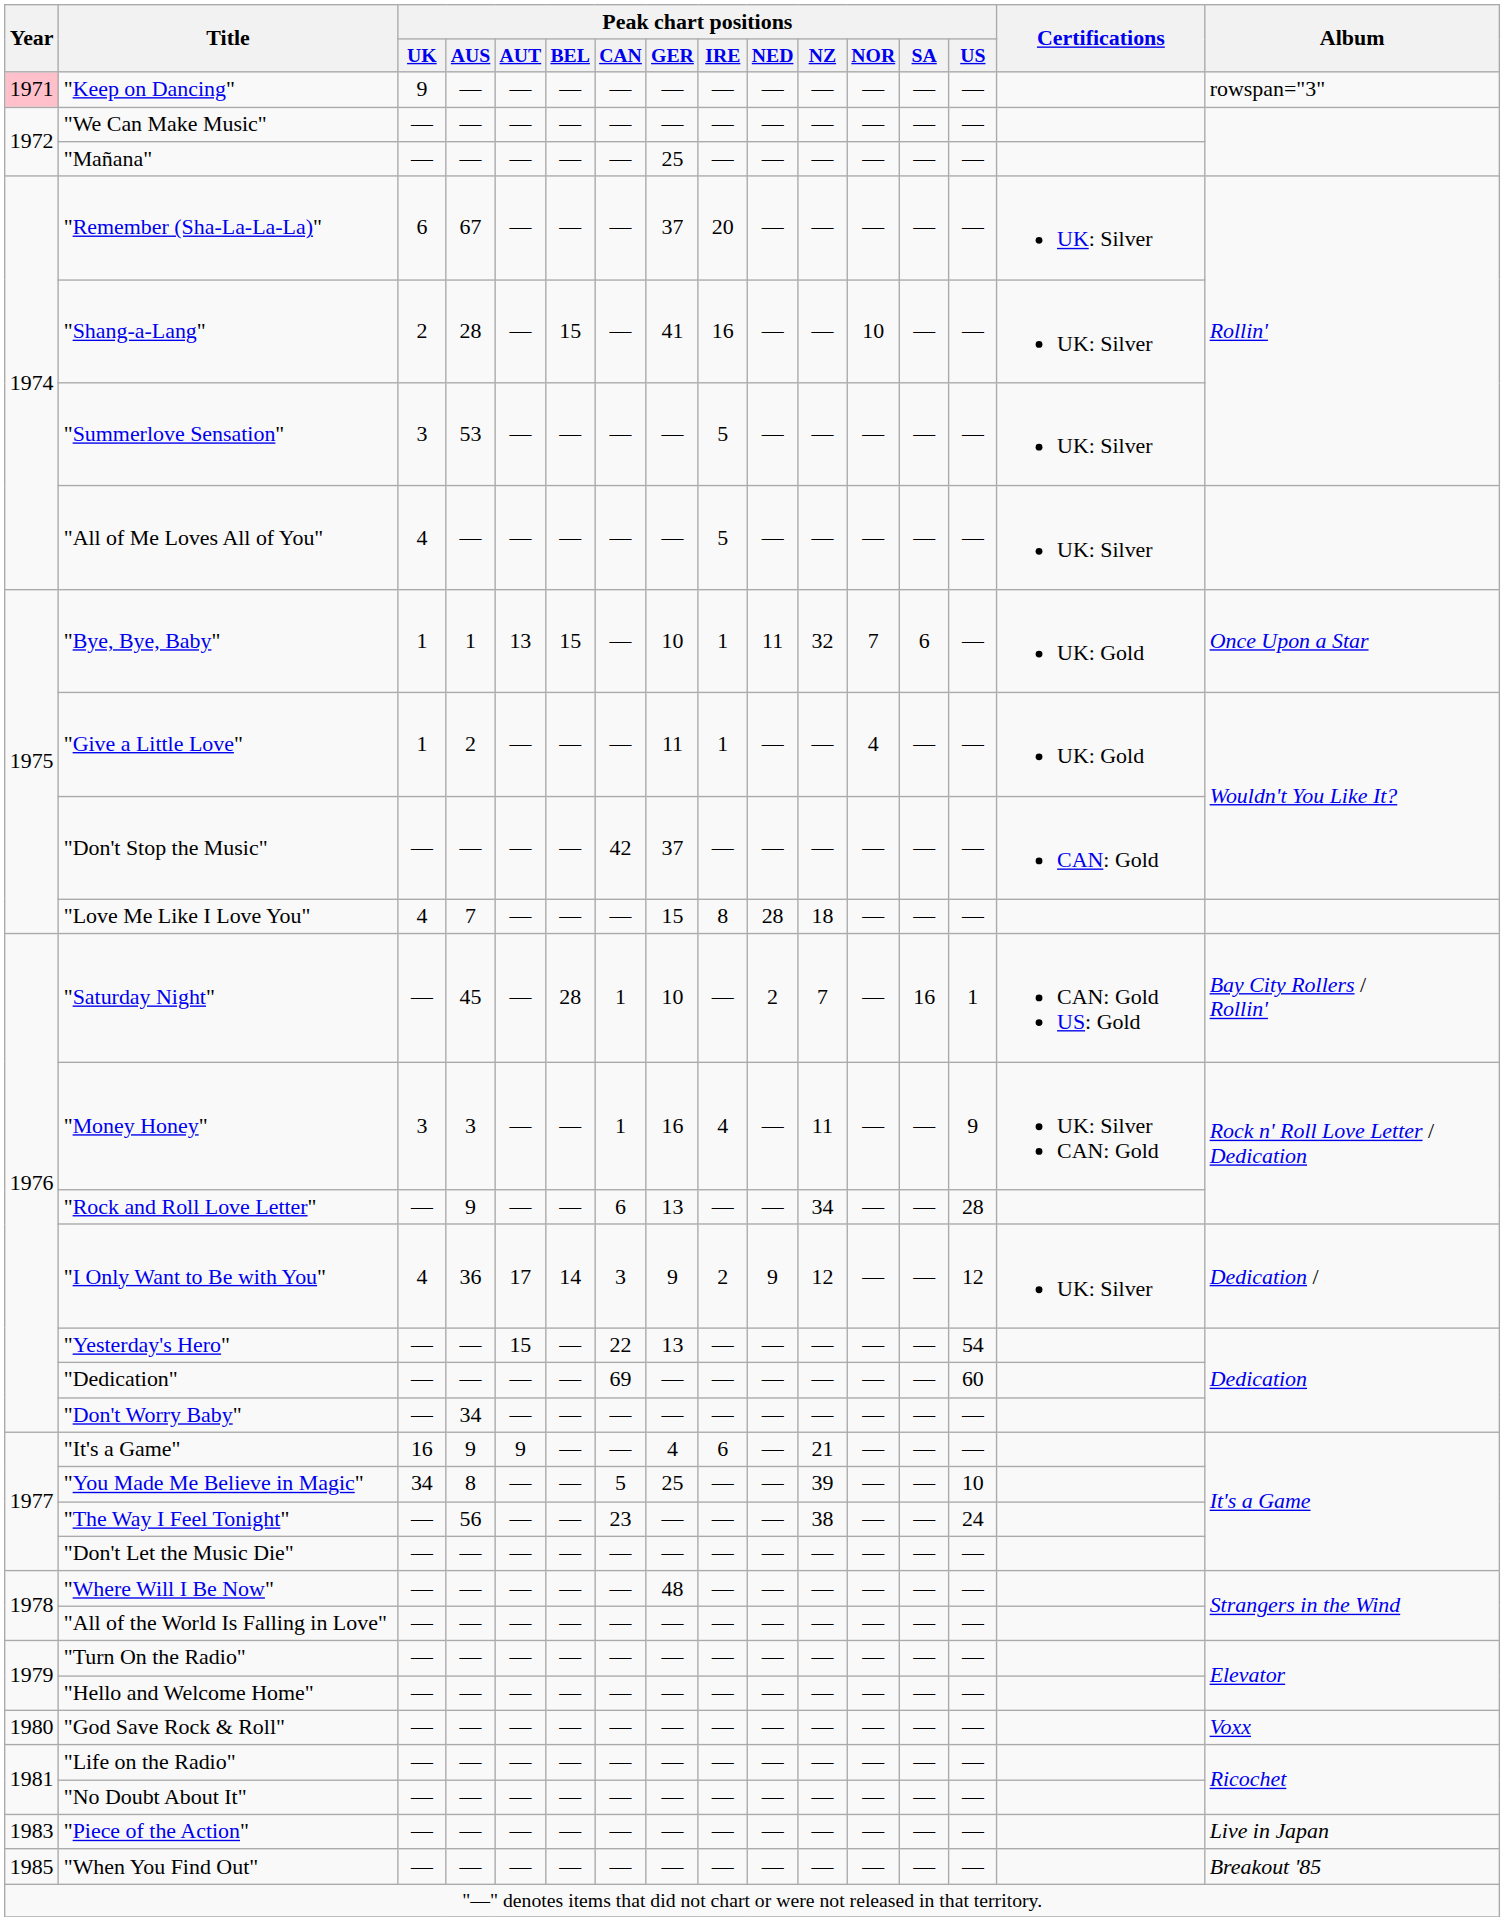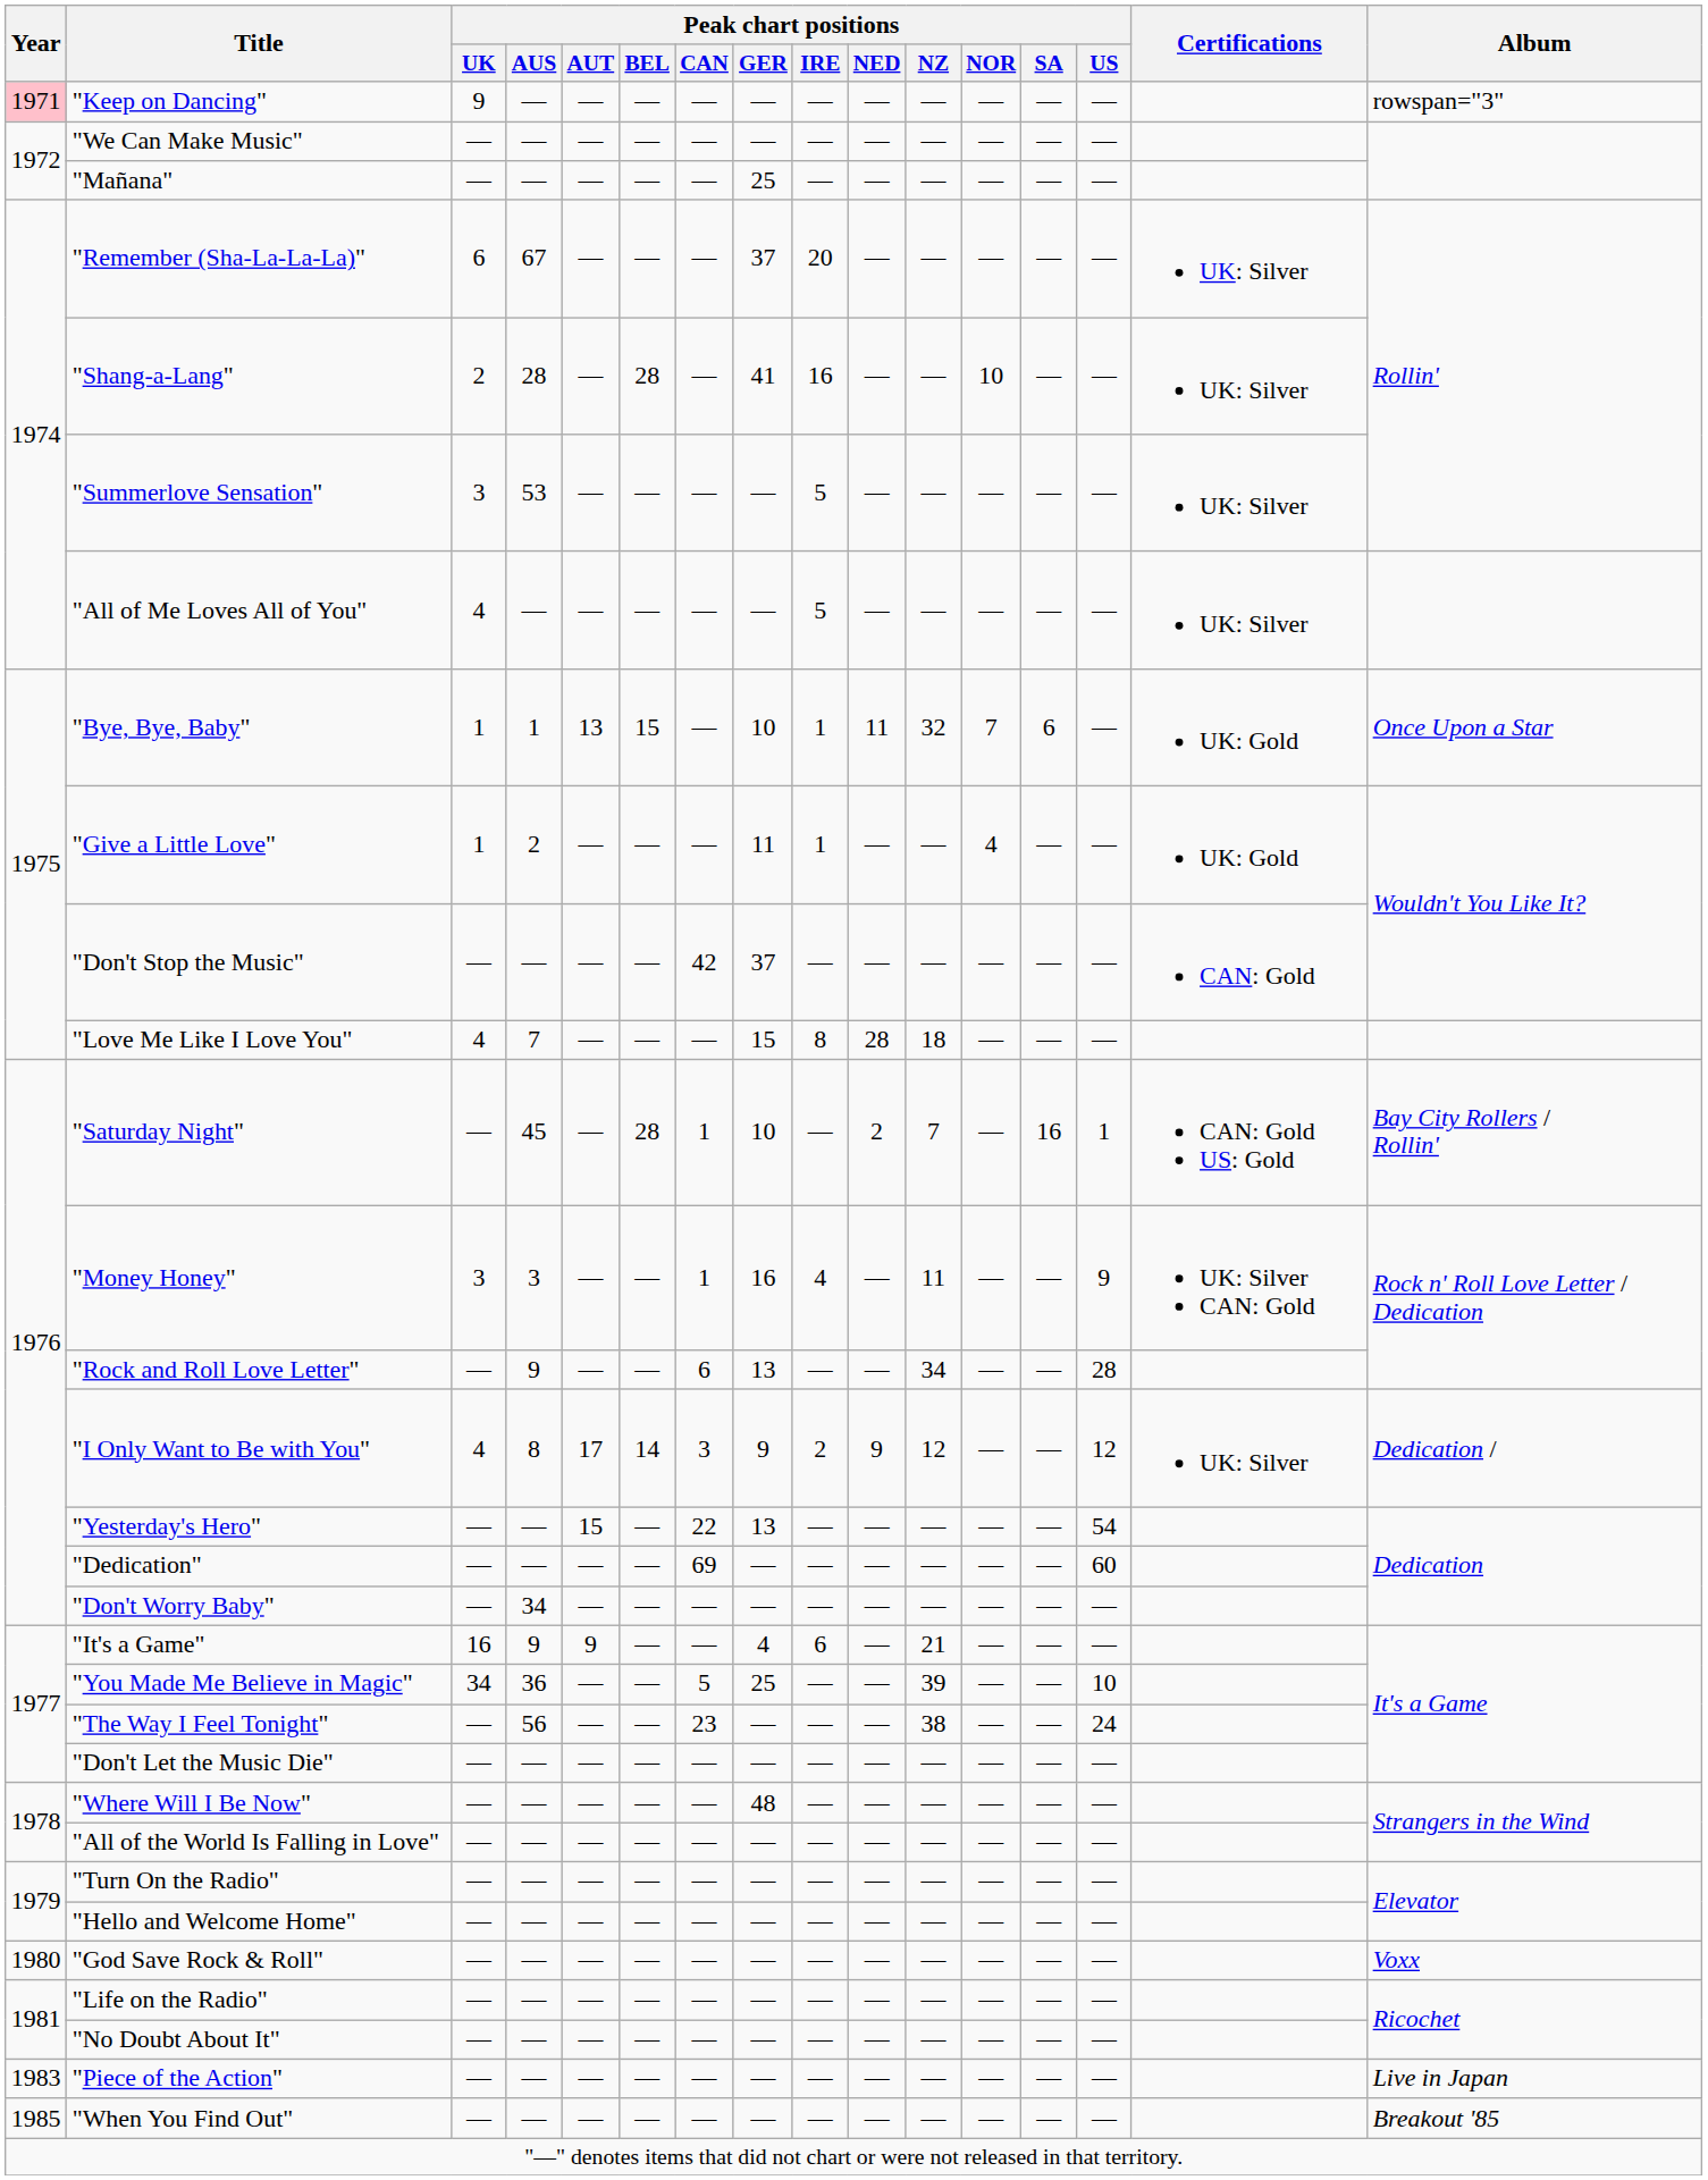 <table class="wikitable">
 <tr>
 <th rowspan="2" style="width:2em;">Year</th>
 <th rowspan="2" style="width:15em;">Title</th>
 <th colspan="12">Peak chart positions</th>
 <th rowspan="2" style="width:9em;"><a href='#'>Certifications</a></th>
 <th rowspan="2" style="width:13em;">Album</th>
 </tr>
 <tr>
 <th style="width:2em;font-size:90%;"><a href='#'>UK</a><br></th>
 <th style="width:2em;font-size:90%;"><a href='#'>AUS</a><br></th>
 <th style="width:2em;font-size:90%;"><a href='#'>AUT</a><br></th>
 <th style="width:2em;font-size:90%;"><a href='#'>BEL</a><br></th>
 <th style="width:2em;font-size:90%;"><a href='#'>CAN</a><br></th>
 <th style="width:2em;font-size:90%;"><a href='#'>GER</a><br></th>
 <th style="width:2em;font-size:90%;"><a href='#'>IRE</a><br></th>
 <th style="width:2em;font-size:90%;"><a href='#'>NED</a><br></th>
 <th style="width:2em;font-size:90%;"><a href='#'>NZ</a><br></th>
 <th style="width:2em;font-size:90%;"><a href='#'>NOR</a><br></th>
 <th style="width:2em;font-size:90%;"><a href='#'>SA</a><br></th>
 <th style="width:2em;font-size:90%;"><a href='#'>US</a><br></th>
 </tr>
 <tr>
 <td style="background: pink;">1971</td>
 <td>"<a href='#'>Keep on Dancing</a>"</td>
 <td align="center">9</td>
 <td align="center">—</td>
 <td align="center">—</td>
 <td align="center">—</td>
 <td align="center">—</td>
 <td align="center">—</td>
 <td align="center">—</td>
 <td align="center">—</td>
 <td align="center">—</td>
 <td align="center">—</td>
 <td align="center">—</td>
 <td align="center">—</td>
 <td></td>
 <td>rowspan="3" </td>
 </tr>
 <tr>
 <td rowspan="2">1972</td>
 <td>"We Can Make Music"</td>
 <td align="center">—</td>
 <td align="center">—</td>
 <td align="center">—</td>
 <td align="center">—</td>
 <td align="center">—</td>
 <td align="center">—</td>
 <td align="center">—</td>
 <td align="center">—</td>
 <td align="center">—</td>
 <td align="center">—</td>
 <td align="center">—</td>
 <td align="center">—</td>
 <td></td>
 </tr>
 <tr>
 <td>"Mañana"</td>
 <td align="center">—</td>
 <td align="center">—</td>
 <td align="center">—</td>
 <td align="center">—</td>
 <td align="center">—</td>
 <td align="center">25</td>
 <td align="center">—</td>
 <td align="center">—</td>
 <td align="center">—</td>
 <td align="center">—</td>
 <td align="center">—</td>
 <td align="center">—</td>
 <td></td>
 </tr>
 <tr>
 <td rowspan="4">1974</td>
 <td>"<a href='#'>Remember (Sha-La-La-La)</a>"</td>
 <td align="center">6</td>
 <td align="center">67</td>
 <td align="center">—</td>
 <td align="center">—</td>
 <td align="center">—</td>
 <td align="center">37</td>
 <td align="center">20</td>
 <td align="center">—</td>
 <td align="center">—</td>
 <td align="center">—</td>
 <td align="center">—</td>
 <td align="center">—</td>
 <td><br><ul><li><a href='#'>UK</a>: Silver</li></ul></td>
 <td align="left" rowspan="3"><em><a href='#'>Rollin'</a></em></td>
 </tr>
 <tr>
 <td>"<a href='#'>Shang-a-Lang</a>"</td>
 <td align="center">2</td>
 <td align="center">28</td>
 <td align="center">—</td>
-<td align="center">15</td>
+<td align="center">28</td>
 <td align="center">—</td>
 <td align="center">41</td>
 <td align="center">16</td>
 <td align="center">—</td>
 <td align="center">—</td>
 <td align="center">10</td>
 <td align="center">—</td>
 <td align="center">—</td>
 <td><br><ul><li>UK: Silver</li></ul></td>
 </tr>
 <tr>
 <td>"<a href='#'>Summerlove Sensation</a>"</td>
 <td align="center">3</td>
 <td align="center">53</td>
 <td align="center">—</td>
 <td align="center">—</td>
 <td align="center">—</td>
 <td align="center">—</td>
 <td align="center">5</td>
 <td align="center">—</td>
 <td align="center">—</td>
 <td align="center">—</td>
 <td align="center">—</td>
 <td align="center">—</td>
 <td><br><ul><li>UK: Silver</li></ul></td>
 </tr>
 <tr>
 <td>"All of Me Loves All of You"</td>
 <td align="center">4</td>
 <td align="center">—</td>
 <td align="center">—</td>
 <td align="center">—</td>
 <td align="center">—</td>
 <td align="center">—</td>
 <td align="center">5</td>
 <td align="center">—</td>
 <td align="center">—</td>
 <td align="center">—</td>
 <td align="center">—</td>
 <td align="center">—</td>
 <td><br><ul><li>UK: Silver</li></ul></td>
 <td></td>
 </tr>
 <tr>
 <td rowspan="4">1975</td>
 <td>"<a href='#'>Bye, Bye, Baby</a>"</td>
 <td align="center">1</td>
 <td align="center">1</td>
 <td align="center">13</td>
 <td align="center">15</td>
 <td align="center">—</td>
 <td align="center">10</td>
 <td align="center">1</td>
 <td align="center">11</td>
 <td align="center">32</td>
 <td align="center">7</td>
 <td align="center">6</td>
 <td align="center">—</td>
 <td><br><ul><li>UK: Gold</li></ul></td>
 <td align="left"><em><a href='#'>Once Upon a Star</a></em></td>
 </tr>
 <tr>
 <td>"<a href='#'>Give a Little Love</a>"</td>
 <td align="center">1</td>
 <td align="center">2</td>
 <td align="center">—</td>
 <td align="center">—</td>
 <td align="center">—</td>
 <td align="center">11</td>
 <td align="center">1</td>
 <td align="center">—</td>
 <td align="center">—</td>
 <td align="center">4</td>
 <td align="center">—</td>
 <td align="center">—</td>
 <td><br><ul><li>UK: Gold</li></ul></td>
 <td align="left" rowspan="2"><em><a href='#'>Wouldn't You Like It?</a></em></td>
 </tr>
 <tr>
 <td>"Don't Stop the Music"</td>
 <td align="center">—</td>
 <td align="center">—</td>
 <td align="center">—</td>
 <td align="center">—</td>
 <td align="center">42</td>
 <td align="center">37</td>
 <td align="center">—</td>
 <td align="center">—</td>
 <td align="center">—</td>
 <td align="center">—</td>
 <td align="center">—</td>
 <td align="center">—</td>
 <td><br><ul><li><a href='#'>CAN</a>: Gold</li></ul></td>
 </tr>
 <tr>
 <td>"Love Me Like I Love You"</td>
 <td align="center">4</td>
 <td align="center">7</td>
 <td align="center">—</td>
 <td align="center">—</td>
 <td align="center">—</td>
 <td align="center">15</td>
 <td align="center">8</td>
 <td align="center">28</td>
 <td align="center">18</td>
 <td align="center">—</td>
 <td align="center">—</td>
 <td align="center">—</td>
 <td></td>
 <td></td>
 </tr>
 <tr>
 <td rowspan="7">1976</td>
 <td>"<a href='#'>Saturday Night</a>"</td>
 <td align="center">—</td>
 <td align="center">45</td>
 <td align="center">—</td>
 <td align="center">28</td>
 <td align="center">1</td>
 <td align="center">10</td>
 <td align="center">—</td>
 <td align="center">2</td>
 <td align="center">7</td>
 <td align="center">—</td>
 <td align="center">16</td>
 <td align="center">1</td>
 <td><br><ul><li>CAN: Gold</li><li><a href='#'>US</a>: Gold</li></ul></td>
 <td align="left"><em><a href='#'>Bay City Rollers</a></em>  /<br> <em><a href='#'>Rollin'</a></em> </td>
 </tr>
 <tr>
 <td>"<a href='#'>Money Honey</a>"</td>
 <td align="center">3</td>
 <td align="center">3</td>
 <td align="center">—</td>
 <td align="center">—</td>
 <td align="center">1</td>
 <td align="center">16</td>
 <td align="center">4</td>
 <td align="center">—</td>
 <td align="center">11</td>
 <td align="center">—</td>
 <td align="center">—</td>
 <td align="center">9</td>
 <td><br><ul><li>UK: Silver</li><li>CAN: Gold</li></ul></td>
 <td align="left" rowspan="2"><em><a href='#'>Rock n' Roll Love Letter</a></em>  /<br><em><a href='#'>Dedication</a></em> </td>
 </tr>
 <tr>
 <td>"<a href='#'>Rock and Roll Love Letter</a>"</td>
 <td align="center">—</td>
 <td align="center">9</td>
 <td align="center">—</td>
 <td align="center">—</td>
 <td align="center">6</td>
 <td align="center">13</td>
 <td align="center">—</td>
 <td align="center">—</td>
 <td align="center">34</td>
 <td align="center">—</td>
 <td align="center">—</td>
 <td align="center">28</td>
 <td></td>
 </tr>
 <tr>
 <td>"<a href='#'>I Only Want to Be with You</a>"</td>
 <td align="center">4</td>
-<td align="center">36</td>
+<td align="center">8</td>
 <td align="center">17</td>
 <td align="center">14</td>
 <td align="center">3</td>
 <td align="center">9</td>
 <td align="center">2</td>
 <td align="center">9</td>
 <td align="center">12</td>
 <td align="center">—</td>
 <td align="center">—</td>
 <td align="center">12</td>
 <td><br><ul><li>UK: Silver</li></ul></td>
 <td align="left"><em><a href='#'>Dedication</a></em>  /<br></td>
 </tr>
 <tr>
 <td>"<a href='#'>Yesterday's Hero</a>"</td>
 <td align="center">—</td>
 <td align="center">—</td>
 <td align="center">15</td>
 <td align="center">—</td>
 <td align="center">22</td>
 <td align="center">13</td>
 <td align="center">—</td>
 <td align="center">—</td>
 <td align="center">—</td>
 <td align="center">—</td>
 <td align="center">—</td>
 <td align="center">54</td>
 <td></td>
 <td align="left" rowspan="3"><em><a href='#'>Dedication</a></em></td>
 </tr>
 <tr>
 <td>"Dedication"</td>
 <td align="center">—</td>
 <td align="center">—</td>
 <td align="center">—</td>
 <td align="center">—</td>
 <td align="center">69</td>
 <td align="center">—</td>
 <td align="center">—</td>
 <td align="center">—</td>
 <td align="center">—</td>
 <td align="center">—</td>
 <td align="center">—</td>
 <td align="center">60</td>
 <td></td>
 </tr>
 <tr>
 <td>"<a href='#'>Don't Worry Baby</a>"</td>
 <td align="center">—</td>
 <td align="center">34</td>
 <td align="center">—</td>
 <td align="center">—</td>
 <td align="center">—</td>
 <td align="center">—</td>
 <td align="center">—</td>
 <td align="center">—</td>
 <td align="center">—</td>
 <td align="center">—</td>
 <td align="center">—</td>
 <td align="center">—</td>
 <td></td>
 </tr>
 <tr>
 <td rowspan="4">1977</td>
 <td>"It's a Game"</td>
 <td align="center">16</td>
 <td align="center">9</td>
 <td align="center">9</td>
 <td align="center">—</td>
 <td align="center">—</td>
 <td align="center">4</td>
 <td align="center">6</td>
 <td align="center">—</td>
 <td align="center">21</td>
 <td align="center">—</td>
 <td align="center">—</td>
 <td align="center">—</td>
 <td></td>
 <td align="left" rowspan="4"><em><a href='#'>It's a Game</a></em></td>
 </tr>
 <tr>
 <td>"<a href='#'>You Made Me Believe in Magic</a>"</td>
 <td align="center">34</td>
-<td align="center">8</td>
+<td align="center">36</td>
 <td align="center">—</td>
 <td align="center">—</td>
 <td align="center">5</td>
 <td align="center">25</td>
 <td align="center">—</td>
 <td align="center">—</td>
 <td align="center">39</td>
 <td align="center">—</td>
 <td align="center">—</td>
 <td align="center">10</td>
 <td></td>
 </tr>
 <tr>
 <td>"<a href='#'>The Way I Feel Tonight</a>"</td>
 <td align="center">—</td>
 <td align="center">56</td>
 <td align="center">—</td>
 <td align="center">—</td>
 <td align="center">23</td>
 <td align="center">—</td>
 <td align="center">—</td>
 <td align="center">—</td>
 <td align="center">38</td>
 <td align="center">—</td>
 <td align="center">—</td>
 <td align="center">24</td>
 <td></td>
 </tr>
 <tr>
 <td>"Don't Let the Music Die"</td>
 <td align="center">—</td>
 <td align="center">—</td>
 <td align="center">—</td>
 <td align="center">—</td>
 <td align="center">—</td>
 <td align="center">—</td>
 <td align="center">—</td>
 <td align="center">—</td>
 <td align="center">—</td>
 <td align="center">—</td>
 <td align="center">—</td>
 <td align="center">—</td>
 <td></td>
 </tr>
 <tr>
 <td rowspan="2">1978</td>
 <td>"<a href='#'>Where Will I Be Now</a>"</td>
 <td align="center">—</td>
 <td align="center">—</td>
 <td align="center">—</td>
 <td align="center">—</td>
 <td align="center">—</td>
 <td align="center">48</td>
 <td align="center">—</td>
 <td align="center">—</td>
 <td align="center">—</td>
 <td align="center">—</td>
 <td align="center">—</td>
 <td align="center">—</td>
 <td></td>
 <td align="left" rowspan="2"><em><a href='#'>Strangers in the Wind</a></em></td>
 </tr>
 <tr>
 <td>"All of the World Is Falling in Love"</td>
 <td align="center">—</td>
 <td align="center">—</td>
 <td align="center">—</td>
 <td align="center">—</td>
 <td align="center">—</td>
 <td align="center">—</td>
 <td align="center">—</td>
 <td align="center">—</td>
 <td align="center">—</td>
 <td align="center">—</td>
 <td align="center">—</td>
 <td align="center">—</td>
 <td></td>
 </tr>
 <tr>
 <td rowspan="2">1979</td>
 <td>"Turn On the Radio"</td>
 <td align="center">—</td>
 <td align="center">—</td>
 <td align="center">—</td>
 <td align="center">—</td>
 <td align="center">—</td>
 <td align="center">—</td>
 <td align="center">—</td>
 <td align="center">—</td>
 <td align="center">—</td>
 <td align="center">—</td>
 <td align="center">—</td>
 <td align="center">—</td>
 <td></td>
 <td align="left" rowspan="2"><em><a href='#'>Elevator</a></em></td>
 </tr>
 <tr>
 <td>"Hello and Welcome Home"</td>
 <td align="center">—</td>
 <td align="center">—</td>
 <td align="center">—</td>
 <td align="center">—</td>
 <td align="center">—</td>
 <td align="center">—</td>
 <td align="center">—</td>
 <td align="center">—</td>
 <td align="center">—</td>
 <td align="center">—</td>
 <td align="center">—</td>
 <td align="center">—</td>
 <td></td>
 </tr>
 <tr>
 <td>1980</td>
 <td>"God Save Rock & Roll"</td>
 <td align="center">—</td>
 <td align="center">—</td>
 <td align="center">—</td>
 <td align="center">—</td>
 <td align="center">—</td>
 <td align="center">—</td>
 <td align="center">—</td>
 <td align="center">—</td>
 <td align="center">—</td>
 <td align="center">—</td>
 <td align="center">—</td>
 <td align="center">—</td>
 <td></td>
 <td align="left"><em><a href='#'>Voxx</a></em></td>
 </tr>
 <tr>
 <td rowspan="2">1981</td>
 <td>"Life on the Radio"</td>
 <td align="center">—</td>
 <td align="center">—</td>
 <td align="center">—</td>
 <td align="center">—</td>
 <td align="center">—</td>
 <td align="center">—</td>
 <td align="center">—</td>
 <td align="center">—</td>
 <td align="center">—</td>
 <td align="center">—</td>
 <td align="center">—</td>
 <td align="center">—</td>
 <td></td>
 <td align="left" rowspan="2"><em><a href='#'>Ricochet</a></em></td>
 </tr>
 <tr>
 <td>"No Doubt About It"</td>
 <td align="center">—</td>
 <td align="center">—</td>
 <td align="center">—</td>
 <td align="center">—</td>
 <td align="center">—</td>
 <td align="center">—</td>
 <td align="center">—</td>
 <td align="center">—</td>
 <td align="center">—</td>
 <td align="center">—</td>
 <td align="center">—</td>
 <td align="center">—</td>
 <td></td>
 </tr>
 <tr>
 <td>1983</td>
 <td>"<a href='#'>Piece of the Action</a>"</td>
 <td align="center">—</td>
 <td align="center">—</td>
 <td align="center">—</td>
 <td align="center">—</td>
 <td align="center">—</td>
 <td align="center">—</td>
 <td align="center">—</td>
 <td align="center">—</td>
 <td align="center">—</td>
 <td align="center">—</td>
 <td align="center">—</td>
 <td align="center">—</td>
 <td></td>
 <td align="left"><em>Live in Japan</em></td>
 </tr>
 <tr>
 <td>1985</td>
 <td>"When You Find Out"</td>
 <td align="center">—</td>
 <td align="center">—</td>
 <td align="center">—</td>
 <td align="center">—</td>
 <td align="center">—</td>
 <td align="center">—</td>
 <td align="center">—</td>
 <td align="center">—</td>
 <td align="center">—</td>
 <td align="center">—</td>
 <td align="center">—</td>
 <td align="center">—</td>
 <td></td>
 <td align="left"><em>Breakout '85</em></td>
 </tr>
 <tr>
 <td align="center" colspan="20" style="font-size:90%">"—" denotes items that did not chart or were not released in that territory.</td>
 </tr>
 <tr>
 </tr>
 </table>
